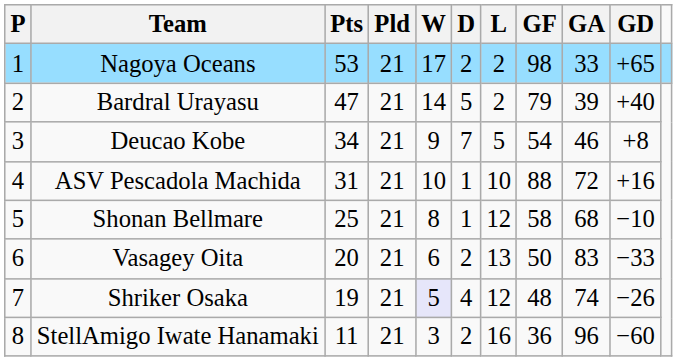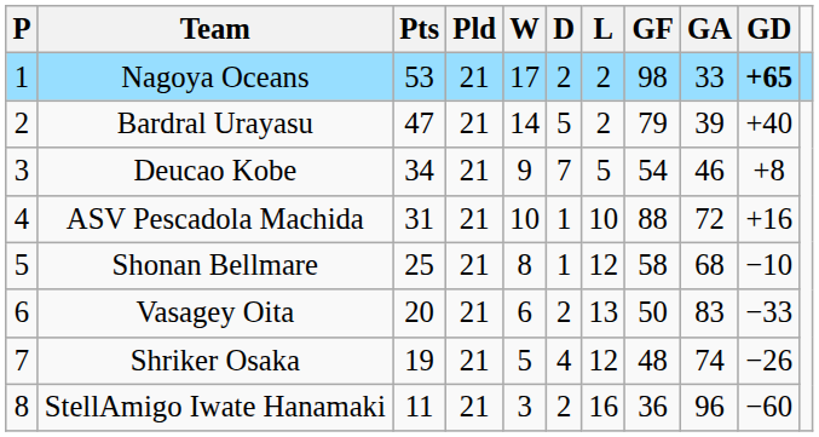 <table class="wikitable sortable" style="text-align: center;">
 <tr>
 <th align="center">P</th>
 <th align="center">Team</th>
 <th align="center">Pts</th>
 <th align="center">Pld</th>
 <th align="center">W</th>
 <th align="center">D</th>
 <th align="center">L</th>
 <th align="center">GF</th>
 <th align="center">GA</th>
 <th align="center">GD</th>
 </tr>
 <tr ! style="background:#97DEFF;">
 <td>1</td>
 <td>Nagoya Oceans</td>
 <td>53</td>
 <td>21</td>
 <td>17</td>
 <td>2</td>
 <td>2</td>
 <td>98</td>
 <td>33</td>
-<td>+65</td>
+<td><strong>+65</strong></td>
 <td></td>
 </tr>
 <tr>
 <td>2</td>
 <td>Bardral Urayasu</td>
 <td>47</td>
 <td>21</td>
 <td>14</td>
 <td>5</td>
 <td>2</td>
 <td>79</td>
 <td>39</td>
 <td>+40</td>
 </tr>
 <tr>
 <td>3</td>
 <td>Deucao Kobe</td>
 <td>34</td>
 <td>21</td>
 <td>9</td>
 <td>7</td>
 <td>5</td>
 <td>54</td>
 <td>46</td>
 <td>+8</td>
 </tr>
 <tr>
 <td>4</td>
 <td>ASV Pescadola Machida</td>
 <td>31</td>
 <td>21</td>
 <td>10</td>
 <td>1</td>
 <td>10</td>
 <td>88</td>
 <td>72</td>
 <td>+16</td>
 </tr>
 <tr>
 <td>5</td>
 <td>Shonan Bellmare</td>
 <td>25</td>
 <td>21</td>
 <td>8</td>
 <td>1</td>
 <td>12</td>
 <td>58</td>
 <td>68</td>
 <td>−10</td>
 </tr>
 <tr>
 <td>6</td>
 <td>Vasagey Oita</td>
 <td>20</td>
 <td>21</td>
 <td>6</td>
 <td>2</td>
 <td>13</td>
 <td>50</td>
 <td>83</td>
 <td>−33</td>
 </tr>
 <tr>
 <td>7</td>
 <td>Shriker Osaka</td>
 <td>19</td>
 <td>21</td>
-<td style="background: lavender;">5</td>
+<td>5</td>
 <td>4</td>
 <td>12</td>
 <td>48</td>
 <td>74</td>
 <td>−26</td>
 </tr>
 <tr>
 <td>8</td>
 <td>StellAmigo Iwate Hanamaki</td>
 <td>11</td>
 <td>21</td>
 <td>3</td>
 <td>2</td>
 <td>16</td>
 <td>36</td>
 <td>96</td>
 <td>−60</td>
 </tr>
 </table>
